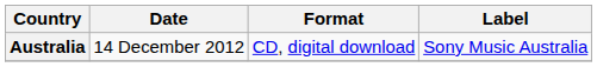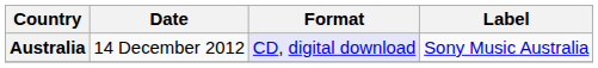 <table class="wikitable plainrowheaders">
 <tr>
 <th scope="col">Country</th>
 <th scope="col">Date</th>
 <th scope="col">Format</th>
 <th scope="col">Label</th>
 </tr>
 <tr>
 <th scope="row">Australia</th>
 <td>14 December 2012</td>
-<td><a href='#'>CD</a>, <a href='#'>digital download</a></td>
+<td style="background: lavender;"><a href='#'>CD</a>, <a href='#'>digital download</a></td>
 <td><a href='#'>Sony Music Australia</a></td>
 </tr>
 <tr>
 </tr>
 </table>
